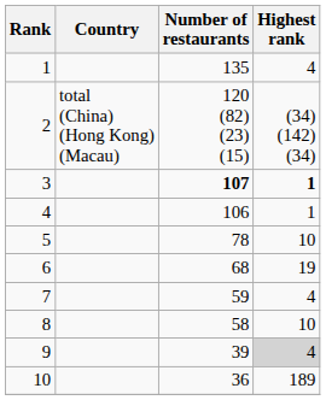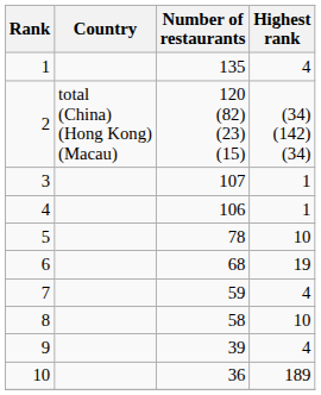 <table class="wikitable" style="text-align: right;">
 <tr>
 <th>Rank</th>
 <th>Country</th>
 <th>Number of<br>restaurants</th>
 <th>Highest<br>rank</th>
 </tr>
 <tr>
 <td>1</td>
 <td style="text-align:left;"></td>
 <td>135</td>
 <td>4</td>
 </tr>
 <tr>
 <td>2</td>
 <td style="text-align:left;"> total<br>(China)<br>(Hong Kong)<br>(Macau)</td>
 <td>120<br>(82)<br>(23)<br>(15)</td>
 <td><br>(34)<br>(142)<br>(34)</td>
 </tr>
 <tr>
 <td>3</td>
 <td style="text-align:left;"></td>
-<td><strong>107</strong></td>
-<td><strong>1</strong></td>
+<td>107</td>
+<td>1</td>
 </tr>
 <tr>
 <td>4</td>
 <td style="text-align:left;"></td>
 <td>106</td>
 <td>1</td>
 </tr>
 <tr>
 <td>5</td>
 <td style="text-align:left;"></td>
 <td>78</td>
 <td>10</td>
 </tr>
 <tr>
 <td>6</td>
 <td style="text-align:left;"></td>
 <td>68</td>
 <td>19</td>
 </tr>
 <tr>
 <td>7</td>
 <td style="text-align:left;"></td>
 <td>59</td>
 <td>4</td>
 </tr>
 <tr>
 <td>8</td>
 <td style="text-align:left;"></td>
 <td>58</td>
 <td>10</td>
 </tr>
 <tr>
 <td>9</td>
 <td style="text-align:left;"></td>
 <td>39</td>
-<td style="background: lightgrey;">4</td>
+<td>4</td>
 </tr>
 <tr>
 <td>10</td>
 <td style="text-align:left;"></td>
 <td>36</td>
 <td>189</td>
 </tr>
 <tr>
 </tr>
 </table>
